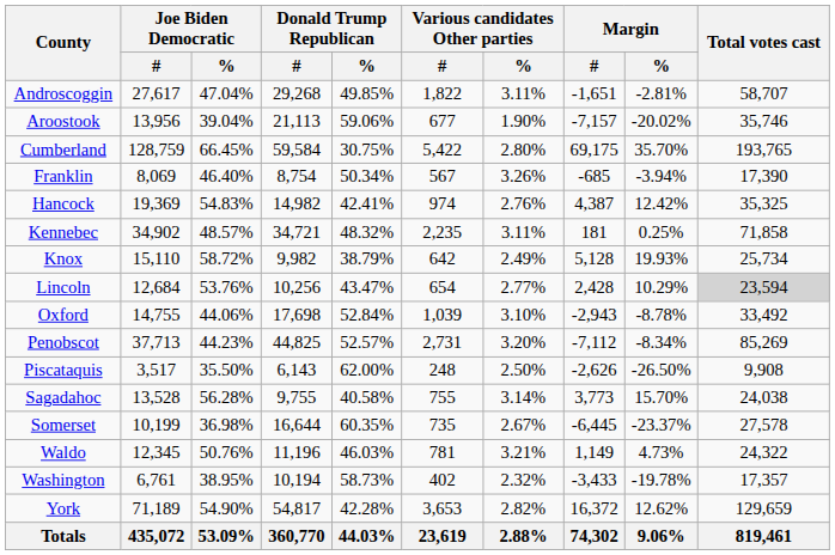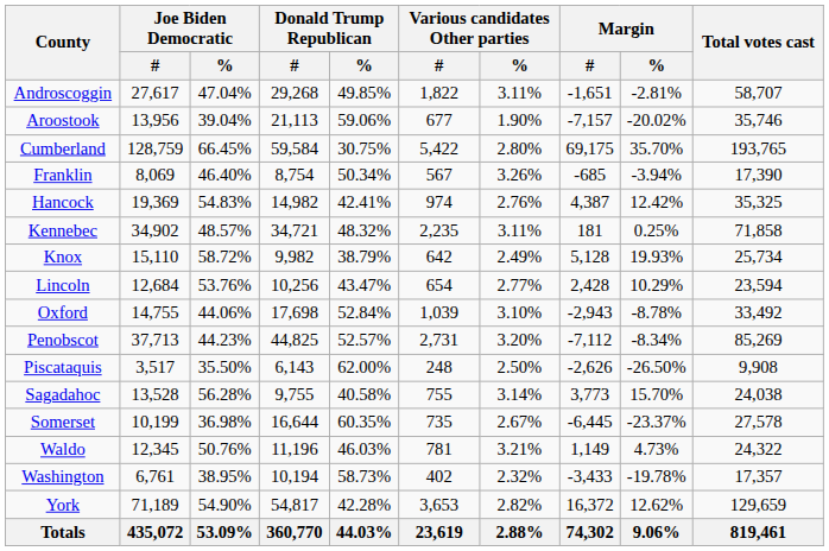 <table width="60%"  class="wikitable sortable" style="text-align:center">
 <tr>
 <th style="text-align:center;" rowspan="2">County</th>
 <th style="text-align:center;" colspan="2">Joe Biden<br>Democratic</th>
 <th style="text-align:center;" colspan="2">Donald Trump<br>Republican</th>
 <th style="text-align:center;" colspan="2">Various candidates<br>Other parties</th>
 <th style="text-align:center;" colspan="2">Margin</th>
 <th style="text-align:center;" rowspan="2">Total votes cast</th>
 </tr>
 <tr>
 <th style="text-align:center;" data-sort-type="number">#</th>
 <th style="text-align:center;" data-sort-type="number">%</th>
 <th style="text-align:center;" data-sort-type="number">#</th>
 <th style="text-align:center;" data-sort-type="number">%</th>
 <th style="text-align:center;" data-sort-type="number">#</th>
 <th style="text-align:center;" data-sort-type="number">%</th>
 <th style="text-align:center;" data-sort-type="number">#</th>
 <th style="text-align:center;" data-sort-type="number">%</th>
 </tr>
 <tr style="text-align:center;">
 <td><a href='#'>Androscoggin</a></td>
 <td>27,617</td>
 <td>47.04%</td>
 <td>29,268</td>
 <td>49.85%</td>
 <td>1,822</td>
 <td>3.11%</td>
 <td>-1,651</td>
 <td>-2.81%</td>
 <td>58,707</td>
 </tr>
 <tr style="text-align:center;">
 <td><a href='#'>Aroostook</a></td>
 <td>13,956</td>
 <td>39.04%</td>
 <td>21,113</td>
 <td>59.06%</td>
 <td>677</td>
 <td>1.90%</td>
 <td>-7,157</td>
 <td>-20.02%</td>
 <td>35,746</td>
 </tr>
 <tr style="text-align:center;">
 <td><a href='#'>Cumberland</a></td>
 <td>128,759</td>
 <td>66.45%</td>
 <td>59,584</td>
 <td>30.75%</td>
 <td>5,422</td>
 <td>2.80%</td>
 <td>69,175</td>
 <td>35.70%</td>
 <td>193,765</td>
 </tr>
 <tr style="text-align:center;">
 <td><a href='#'>Franklin</a></td>
 <td>8,069</td>
 <td>46.40%</td>
 <td>8,754</td>
 <td>50.34%</td>
 <td>567</td>
 <td>3.26%</td>
 <td>-685</td>
 <td>-3.94%</td>
 <td>17,390</td>
 </tr>
 <tr style="text-align:center;">
 <td><a href='#'>Hancock</a></td>
 <td>19,369</td>
 <td>54.83%</td>
 <td>14,982</td>
 <td>42.41%</td>
 <td>974</td>
 <td>2.76%</td>
 <td>4,387</td>
 <td>12.42%</td>
 <td>35,325</td>
 </tr>
 <tr style="text-align:center;">
 <td><a href='#'>Kennebec</a></td>
 <td>34,902</td>
 <td>48.57%</td>
 <td>34,721</td>
 <td>48.32%</td>
 <td>2,235</td>
 <td>3.11%</td>
 <td>181</td>
 <td>0.25%</td>
 <td>71,858</td>
 </tr>
 <tr style="text-align:center;">
 <td><a href='#'>Knox</a></td>
 <td>15,110</td>
 <td>58.72%</td>
 <td>9,982</td>
 <td>38.79%</td>
 <td>642</td>
 <td>2.49%</td>
 <td>5,128</td>
 <td>19.93%</td>
 <td>25,734</td>
 </tr>
 <tr style="text-align:center;">
 <td><a href='#'>Lincoln</a></td>
 <td>12,684</td>
 <td>53.76%</td>
 <td>10,256</td>
 <td>43.47%</td>
 <td>654</td>
 <td>2.77%</td>
 <td>2,428</td>
 <td>10.29%</td>
-<td style="background: lightgrey;">23,594</td>
+<td>23,594</td>
 </tr>
 <tr style="text-align:center;">
 <td><a href='#'>Oxford</a></td>
 <td>14,755</td>
 <td>44.06%</td>
 <td>17,698</td>
 <td>52.84%</td>
 <td>1,039</td>
 <td>3.10%</td>
 <td>-2,943</td>
 <td>-8.78%</td>
 <td>33,492</td>
 </tr>
 <tr style="text-align:center;">
 <td><a href='#'>Penobscot</a></td>
 <td>37,713</td>
 <td>44.23%</td>
 <td>44,825</td>
 <td>52.57%</td>
 <td>2,731</td>
 <td>3.20%</td>
 <td>-7,112</td>
 <td>-8.34%</td>
 <td>85,269</td>
 </tr>
 <tr style="text-align:center;">
 <td><a href='#'>Piscataquis</a></td>
 <td>3,517</td>
 <td>35.50%</td>
 <td>6,143</td>
 <td>62.00%</td>
 <td>248</td>
 <td>2.50%</td>
 <td>-2,626</td>
 <td>-26.50%</td>
 <td>9,908</td>
 </tr>
 <tr style="text-align:center;">
 <td><a href='#'>Sagadahoc</a></td>
 <td>13,528</td>
 <td>56.28%</td>
 <td>9,755</td>
 <td>40.58%</td>
 <td>755</td>
 <td>3.14%</td>
 <td>3,773</td>
 <td>15.70%</td>
 <td>24,038</td>
 </tr>
 <tr style="text-align:center;">
 <td><a href='#'>Somerset</a></td>
 <td>10,199</td>
 <td>36.98%</td>
 <td>16,644</td>
 <td>60.35%</td>
 <td>735</td>
 <td>2.67%</td>
 <td>-6,445</td>
 <td>-23.37%</td>
 <td>27,578</td>
 </tr>
 <tr style="text-align:center;">
 <td><a href='#'>Waldo</a></td>
 <td>12,345</td>
 <td>50.76%</td>
 <td>11,196</td>
 <td>46.03%</td>
 <td>781</td>
 <td>3.21%</td>
 <td>1,149</td>
 <td>4.73%</td>
 <td>24,322</td>
 </tr>
 <tr style="text-align:center;">
 <td><a href='#'>Washington</a></td>
 <td>6,761</td>
 <td>38.95%</td>
 <td>10,194</td>
 <td>58.73%</td>
 <td>402</td>
 <td>2.32%</td>
 <td>-3,433</td>
 <td>-19.78%</td>
 <td>17,357</td>
 </tr>
 <tr style="text-align:center;">
 <td><a href='#'>York</a></td>
 <td>71,189</td>
 <td>54.90%</td>
 <td>54,817</td>
 <td>42.28%</td>
 <td>3,653</td>
 <td>2.82%</td>
 <td>16,372</td>
 <td>12.62%</td>
 <td>129,659</td>
 </tr>
 <tr>
 <th>Totals</th>
 <th>435,072</th>
 <th>53.09%</th>
 <th>360,770</th>
 <th>44.03%</th>
 <th>23,619</th>
 <th>2.88%</th>
 <th>74,302</th>
 <th>9.06%</th>
 <th>819,461</th>
 </tr>
 </table>
